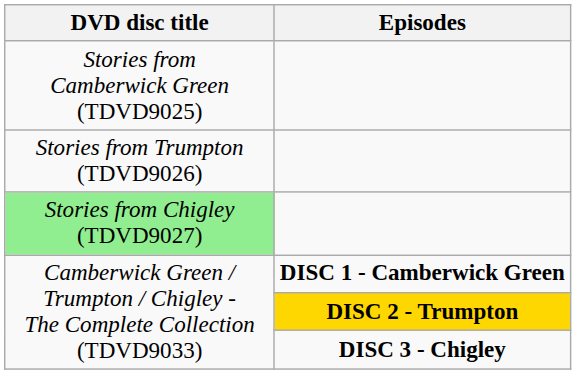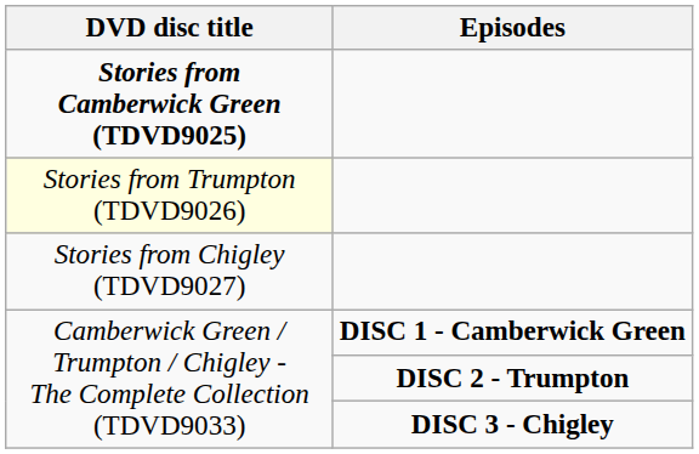 <table class="wikitable" style="text-align:center;">
 <tr>
 <th width=180>DVD disc title</th>
 <th>Episodes</th>
 </tr>
 <tr>
-<td><em>Stories from<br>Camberwick Green</em><br>(TDVD9025)</td>
+<td><strong><em>Stories from<br>Camberwick Green</em><br>(TDVD9025)</strong></td>
 <td></td>
 </tr>
 <tr>
-<td><em>Stories from Trumpton</em><br>(TDVD9026)</td>
+<td style="background: lightyellow;"><em>Stories from Trumpton</em><br>(TDVD9026)</td>
 <td></td>
 </tr>
 <tr>
-<td style="background: lightgreen;"><em>Stories from Chigley</em><br>(TDVD9027)</td>
+<td><em>Stories from Chigley</em><br>(TDVD9027)</td>
 <td></td>
 </tr>
 <tr>
 <td rowspan=3><em>Camberwick Green /<br>Trumpton / Chigley -<br>The Complete Collection</em> (TDVD9033)</td>
 <td><strong>DISC 1 - Camberwick Green</strong></td>
 </tr>
 <tr>
-<td style="background: gold;"><strong>DISC 2 - Trumpton</strong></td>
+<td><strong>DISC 2 - Trumpton</strong></td>
 </tr>
 <tr>
 <td><strong>DISC 3 - Chigley</strong></td>
 </tr>
 </table>
